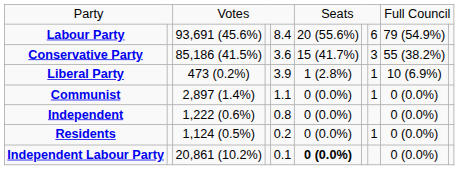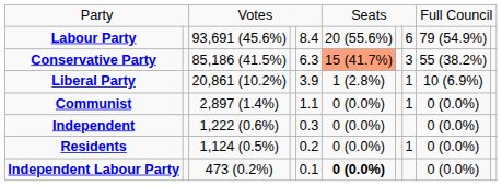 <table class=wikitable style="text-align:center;">
 <tr>
 <td colspan=2>Party</td>
 <td colspan=3>Votes</td>
 <td colspan=3>Seats</td>
 <td colspan=3>Full Council</td>
 </tr>
 <tr>
 <td><strong><a href='#'>Labour Party</a></strong></td>
 <td style="background:"></td>
 <td>93,691 (45.6%)</td>
 <td></td>
 <td> 8.4</td>
 <td>20 (55.6%)</td>
 <td></td>
 <td> 6</td>
 <td>79 (54.9%)</td>
 <td></td>
 </tr>
 <tr>
 <td><strong><a href='#'>Conservative Party</a></strong></td>
 <td style="background:"></td>
 <td>85,186 (41.5%)</td>
 <td></td>
-<td> 3.6</td>
-<td>15 (41.7%)</td>
+<td> 6.3</td>
+<td style="background: lightsalmon;">15 (41.7%)</td>
 <td></td>
 <td> 3</td>
 <td>55 (38.2%)</td>
 <td></td>
 </tr>
 <tr>
 <td><strong><a href='#'>Liberal Party</a></strong></td>
 <td style="background:"></td>
-<td>473 (0.2%)</td>
+<td>20,861 (10.2%)</td>
 <td></td>
 <td> 3.9</td>
 <td>1 (2.8%)</td>
 <td></td>
 <td> 1</td>
 <td>10 (6.9%)</td>
 <td></td>
 </tr>
 <tr>
 <td><strong><a href='#'>Communist</a></strong></td>
 <td style="background:"></td>
 <td>2,897 (1.4%)</td>
 <td></td>
 <td> 1.1</td>
 <td>0 (0.0%)</td>
 <td></td>
 <td> 1</td>
 <td>0 (0.0%)</td>
 <td></td>
 </tr>
 <tr>
 <td><strong><a href='#'>Independent</a></strong></td>
 <td style="background:"></td>
 <td>1,222 (0.6%)</td>
 <td></td>
-<td> 0.8</td>
+<td> 0.3</td>
 <td>0 (0.0%)</td>
 <td></td>
 <td></td>
 <td>0 (0.0%)</td>
 <td></td>
 </tr>
 <tr>
 <td><strong><a href='#'>Residents</a></strong></td>
 <td style="background:"></td>
 <td>1,124 (0.5%)</td>
 <td></td>
 <td> 0.2</td>
 <td>0 (0.0%)</td>
 <td></td>
 <td> 1</td>
 <td>0 (0.0%)</td>
 <td></td>
 </tr>
 <tr>
 <td><strong><a href='#'>Independent Labour Party</a></strong></td>
 <td style="background:"></td>
-<td>20,861 (10.2%)</td>
+<td>473 (0.2%)</td>
 <td></td>
 <td> 0.1</td>
 <td><strong>0 (0.0%)</strong></td>
 <td></td>
 <td></td>
 <td>0 (0.0%)</td>
 <td></td>
 </tr>
 </table>
